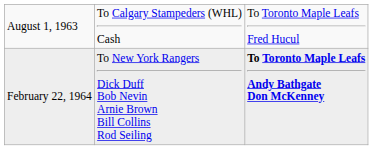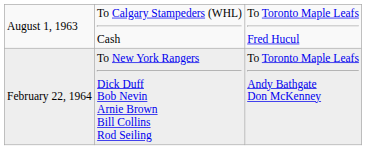 <table class="wikitable">
 <tr>
 <td>August 1, 1963</td>
 <td valign="top">To <a href='#'>Calgary Stampeders</a>  (WHL)<hr> Cash</td>
 <td valign="top">To <a href='#'>Toronto Maple Leafs</a><hr><a href='#'>Fred Hucul</a></td>
 </tr>
 <tr bgcolor="#eeeeee">
 <td>February 22, 1964</td>
 <td valign="top">To <a href='#'>New York Rangers</a><hr><a href='#'>Dick Duff</a> <br> <a href='#'>Bob Nevin</a> <br> <a href='#'>Arnie Brown</a> <br> <a href='#'>Bill Collins</a> <br> <a href='#'>Rod Seiling</a></td>
-<td valign="top"><strong>To <a href='#'>Toronto Maple Leafs</a><hr><a href='#'>Andy Bathgate</a> <br> <a href='#'>Don McKenney</a></strong></td>
+<td valign="top">To <a href='#'>Toronto Maple Leafs</a><hr><a href='#'>Andy Bathgate</a> <br> <a href='#'>Don McKenney</a></td>
 </tr>
 </table>
